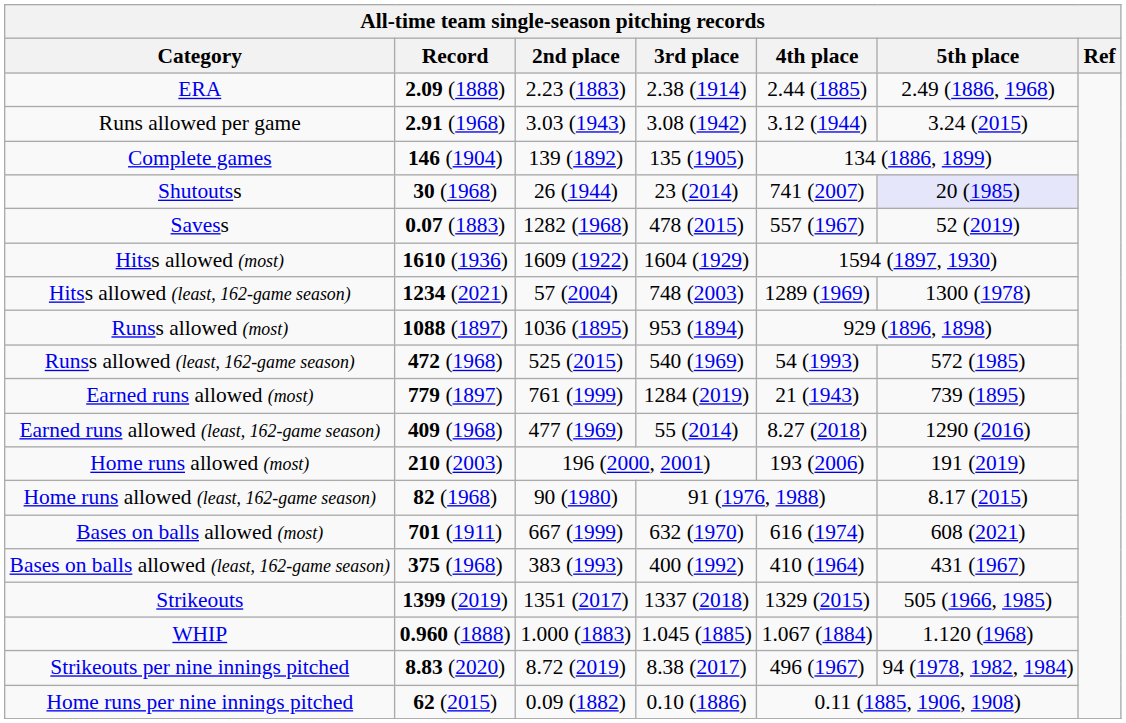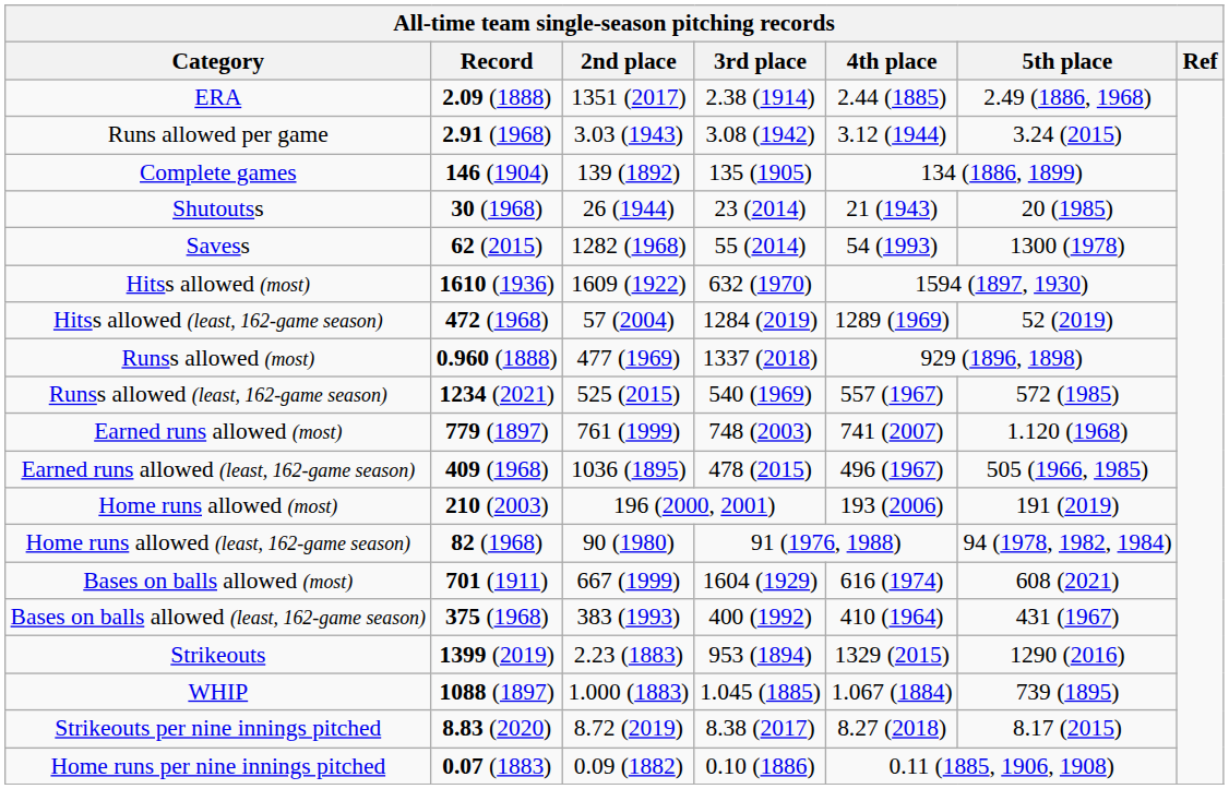 <table class="wikitable unsortable" style="text-align:center">
 <tr>
 <th colspan=7><strong>All-time team single-season pitching records</strong></th>
 </tr>
 <tr>
 <th scope="col">Category</th>
 <th scope="col">Record</th>
 <th scope="col">2nd place</th>
 <th scope="col">3rd place</th>
 <th scope="col">4th place</th>
 <th scope="col">5th place</th>
 <th scope="col">Ref</th>
 </tr>
 <tr>
 <td><a href='#'>ERA</a></td>
 <td><strong>2.09</strong> (<a href='#'>1888</a>)</td>
-<td>2.23 (<a href='#'>1883</a>)</td>
+<td>1351 (<a href='#'>2017</a>)</td>
 <td>2.38 (<a href='#'>1914</a>)</td>
 <td>2.44 (<a href='#'>1885</a>)</td>
 <td>2.49 (<a href='#'>1886</a>, <a href='#'>1968</a>)</td>
 <td rowspan="19" style="text-align: center;"></td>
 </tr>
 <tr>
 <td>Runs allowed per game</td>
 <td><strong>2.91</strong> (<a href='#'>1968</a>)</td>
 <td>3.03 (<a href='#'>1943</a>)</td>
 <td>3.08 (<a href='#'>1942</a>)</td>
 <td>3.12 (<a href='#'>1944</a>)</td>
 <td>3.24 (<a href='#'>2015</a>)</td>
 </tr>
 <tr>
 <td><a href='#'>Complete games</a></td>
 <td><strong>146</strong> (<a href='#'>1904</a>)</td>
 <td>139 (<a href='#'>1892</a>)</td>
 <td>135 (<a href='#'>1905</a>)</td>
 <td colspan="2" style="text-align: center;">134 (<a href='#'>1886</a>, <a href='#'>1899</a>)</td>
 </tr>
 <tr>
 <td><a href='#'>Shutouts</a>s</td>
 <td><strong>30</strong> (<a href='#'>1968</a>)</td>
 <td>26 (<a href='#'>1944</a>)</td>
 <td>23 (<a href='#'>2014</a>)</td>
-<td>741 (<a href='#'>2007</a>)</td>
-<td style="background: lavender;">20 (<a href='#'>1985</a>)</td>
+<td>21 (<a href='#'>1943</a>)</td>
+<td>20 (<a href='#'>1985</a>)</td>
 </tr>
 <tr>
 <td><a href='#'>Saves</a>s</td>
-<td><strong>0.07</strong> (<a href='#'>1883</a>)</td>
+<td><strong>62</strong> (<a href='#'>2015</a>)</td>
 <td>1282 (<a href='#'>1968</a>)</td>
-<td>478 (<a href='#'>2015</a>)</td>
-<td>557 (<a href='#'>1967</a>)</td>
-<td>52 (<a href='#'>2019</a>)</td>
+<td>55 (<a href='#'>2014</a>)</td>
+<td>54 (<a href='#'>1993</a>)</td>
+<td>1300 (<a href='#'>1978</a>)</td>
 </tr>
 <tr>
 <td><a href='#'>Hits</a>s allowed <small><em>(most)</em></small></td>
 <td><strong>1610</strong> (<a href='#'>1936</a>)</td>
 <td>1609 (<a href='#'>1922</a>)</td>
-<td>1604 (<a href='#'>1929</a>)</td>
+<td>632 (<a href='#'>1970</a>)</td>
 <td colspan="2" style="text-align: center;">1594 (<a href='#'>1897</a>, <a href='#'>1930</a>)</td>
 </tr>
 <tr>
 <td><a href='#'>Hits</a>s allowed <small><em>(least, 162-game season)</em></small></td>
-<td><strong>1234</strong> (<a href='#'>2021</a>)</td>
+<td><strong>472</strong> (<a href='#'>1968</a>)</td>
 <td>57 (<a href='#'>2004</a>)</td>
-<td>748 (<a href='#'>2003</a>)</td>
+<td>1284 (<a href='#'>2019</a>)</td>
 <td>1289 (<a href='#'>1969</a>)</td>
-<td>1300 (<a href='#'>1978</a>)</td>
+<td>52 (<a href='#'>2019</a>)</td>
 </tr>
 <tr>
 <td><a href='#'>Runs</a>s allowed <small><em>(most)</em></small></td>
-<td><strong>1088</strong> (<a href='#'>1897</a>)</td>
-<td>1036 (<a href='#'>1895</a>)</td>
-<td>953 (<a href='#'>1894</a>)</td>
+<td><strong>0.960</strong> (<a href='#'>1888</a>)</td>
+<td>477 (<a href='#'>1969</a>)</td>
+<td>1337 (<a href='#'>2018</a>)</td>
 <td colspan="2" style="text-align: center;">929 (<a href='#'>1896</a>, <a href='#'>1898</a>)</td>
 </tr>
 <tr>
 <td><a href='#'>Runs</a>s allowed <small><em>(least, 162-game season)</em></small></td>
-<td><strong>472</strong> (<a href='#'>1968</a>)</td>
+<td><strong>1234</strong> (<a href='#'>2021</a>)</td>
 <td>525 (<a href='#'>2015</a>)</td>
 <td>540 (<a href='#'>1969</a>)</td>
-<td>54 (<a href='#'>1993</a>)</td>
+<td>557 (<a href='#'>1967</a>)</td>
 <td>572 (<a href='#'>1985</a>)</td>
 </tr>
 <tr>
 <td><a href='#'>Earned runs</a> allowed <small><em>(most)</em></small></td>
 <td><strong>779</strong> (<a href='#'>1897</a>)</td>
 <td>761 (<a href='#'>1999</a>)</td>
-<td>1284 (<a href='#'>2019</a>)</td>
-<td>21 (<a href='#'>1943</a>)</td>
-<td>739 (<a href='#'>1895</a>)</td>
+<td>748 (<a href='#'>2003</a>)</td>
+<td>741 (<a href='#'>2007</a>)</td>
+<td>1.120 (<a href='#'>1968</a>)</td>
 </tr>
 <tr>
 <td><a href='#'>Earned runs</a> allowed <small><em>(least, 162-game season)</em></small></td>
 <td><strong>409</strong> (<a href='#'>1968</a>)</td>
-<td>477 (<a href='#'>1969</a>)</td>
-<td>55 (<a href='#'>2014</a>)</td>
-<td>8.27 (<a href='#'>2018</a>)</td>
-<td>1290 (<a href='#'>2016</a>)</td>
+<td>1036 (<a href='#'>1895</a>)</td>
+<td>478 (<a href='#'>2015</a>)</td>
+<td>496 (<a href='#'>1967</a>)</td>
+<td>505 (<a href='#'>1966</a>, <a href='#'>1985</a>)</td>
 </tr>
 <tr>
 <td><a href='#'>Home runs</a> allowed <small><em>(most)</em></small></td>
 <td><strong>210</strong> (<a href='#'>2003</a>)</td>
 <td colspan="2" style="text-align: center;">196 (<a href='#'>2000</a>, <a href='#'>2001</a>)</td>
 <td>193 (<a href='#'>2006</a>)</td>
 <td>191 (<a href='#'>2019</a>)</td>
 </tr>
 <tr>
 <td><a href='#'>Home runs</a> allowed <small><em>(least, 162-game season)</em></small></td>
 <td><strong>82</strong> (<a href='#'>1968</a>)</td>
 <td>90 (<a href='#'>1980</a>)</td>
 <td colspan="2" style="text-align: center;">91 (<a href='#'>1976</a>, <a href='#'>1988</a>)</td>
-<td>8.17 (<a href='#'>2015</a>)</td>
+<td>94 (<a href='#'>1978</a>, <a href='#'>1982</a>, <a href='#'>1984</a>)</td>
 </tr>
 <tr>
 <td><a href='#'>Bases on balls</a> allowed <small><em>(most)</em></small></td>
 <td><strong>701</strong> (<a href='#'>1911</a>)</td>
 <td>667 (<a href='#'>1999</a>)</td>
-<td>632 (<a href='#'>1970</a>)</td>
+<td>1604 (<a href='#'>1929</a>)</td>
 <td>616 (<a href='#'>1974</a>)</td>
 <td>608 (<a href='#'>2021</a>)</td>
 </tr>
 <tr>
 <td><a href='#'>Bases on balls</a> allowed <small><em>(least, 162-game season)</em></small></td>
 <td><strong>375</strong> (<a href='#'>1968</a>)</td>
 <td>383 (<a href='#'>1993</a>)</td>
 <td>400 (<a href='#'>1992</a>)</td>
 <td>410 (<a href='#'>1964</a>)</td>
 <td>431 (<a href='#'>1967</a>)</td>
 </tr>
 <tr>
 <td><a href='#'>Strikeouts</a></td>
 <td><strong>1399</strong> (<a href='#'>2019</a>)</td>
-<td>1351 (<a href='#'>2017</a>)</td>
-<td>1337 (<a href='#'>2018</a>)</td>
+<td>2.23 (<a href='#'>1883</a>)</td>
+<td>953 (<a href='#'>1894</a>)</td>
 <td>1329 (<a href='#'>2015</a>)</td>
-<td>505 (<a href='#'>1966</a>, <a href='#'>1985</a>)</td>
+<td>1290 (<a href='#'>2016</a>)</td>
 </tr>
 <tr>
 <td><a href='#'>WHIP</a></td>
-<td><strong>0.960</strong> (<a href='#'>1888</a>)</td>
+<td><strong>1088</strong> (<a href='#'>1897</a>)</td>
 <td>1.000 (<a href='#'>1883</a>)</td>
 <td>1.045 (<a href='#'>1885</a>)</td>
 <td>1.067 (<a href='#'>1884</a>)</td>
-<td>1.120 (<a href='#'>1968</a>)</td>
+<td>739 (<a href='#'>1895</a>)</td>
 </tr>
 <tr>
 <td><a href='#'>Strikeouts per nine innings pitched</a></td>
 <td><strong>8.83</strong> (<a href='#'>2020</a>)</td>
 <td>8.72 (<a href='#'>2019</a>)</td>
 <td>8.38 (<a href='#'>2017</a>)</td>
-<td>496 (<a href='#'>1967</a>)</td>
-<td>94 (<a href='#'>1978</a>, <a href='#'>1982</a>, <a href='#'>1984</a>)</td>
+<td>8.27 (<a href='#'>2018</a>)</td>
+<td>8.17 (<a href='#'>2015</a>)</td>
 </tr>
 <tr>
 <td><a href='#'>Home runs per nine innings pitched</a></td>
-<td><strong>62</strong> (<a href='#'>2015</a>)</td>
+<td><strong>0.07</strong> (<a href='#'>1883</a>)</td>
 <td>0.09 (<a href='#'>1882</a>)</td>
 <td>0.10 (<a href='#'>1886</a>)</td>
 <td colspan="2" style="text-align: center;">0.11 (<a href='#'>1885</a>, <a href='#'>1906</a>, <a href='#'>1908</a>)</td>
 </tr>
 <tr>
 </tr>
 </table>
